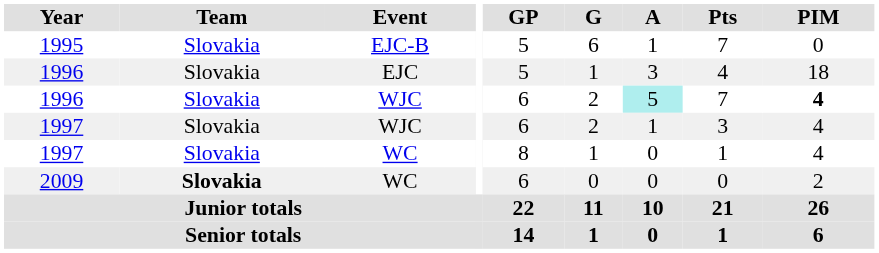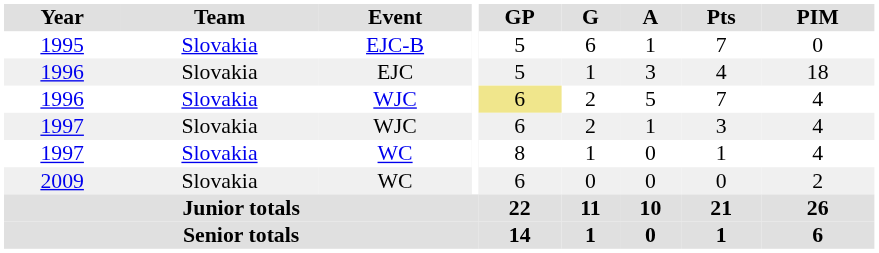 <table border="0" cellpadding="1" cellspacing="0" ID="Table3" style="text-align:center; width:40em">
 <tr bgcolor="#e0e0e0">
 <th>Year</th>
 <th>Team</th>
 <th>Event</th>
 <th rowspan="102" bgcolor="#ffffff"></th>
 <th>GP</th>
 <th>G</th>
 <th>A</th>
 <th>Pts</th>
 <th>PIM</th>
 </tr>
 <tr>
 <td><a href='#'>1995</a></td>
 <td><a href='#'>Slovakia</a></td>
 <td><a href='#'>EJC-B</a></td>
 <td>5</td>
 <td>6</td>
 <td>1</td>
 <td>7</td>
 <td>0</td>
 </tr>
 <tr bgcolor="#f0f0f0">
 <td><a href='#'>1996</a></td>
 <td>Slovakia</td>
 <td>EJC</td>
 <td>5</td>
 <td>1</td>
 <td>3</td>
 <td>4</td>
 <td>18</td>
 </tr>
 <tr>
 <td><a href='#'>1996</a></td>
 <td><a href='#'>Slovakia</a></td>
 <td><a href='#'>WJC</a></td>
-<td>6</td>
+<td style="background: khaki;">6</td>
 <td>2</td>
-<td style="background: paleturquoise;">5</td>
+<td>5</td>
 <td>7</td>
-<td><strong>4</strong></td>
+<td>4</td>
 </tr>
 <tr bgcolor="#f0f0f0">
 <td><a href='#'>1997</a></td>
 <td>Slovakia</td>
 <td>WJC</td>
 <td>6</td>
 <td>2</td>
 <td>1</td>
 <td>3</td>
 <td>4</td>
 </tr>
 <tr>
 <td><a href='#'>1997</a></td>
 <td><a href='#'>Slovakia</a></td>
 <td><a href='#'>WC</a></td>
 <td>8</td>
 <td>1</td>
 <td>0</td>
 <td>1</td>
 <td>4</td>
 </tr>
 <tr bgcolor="#f0f0f0">
 <td><a href='#'>2009</a></td>
-<td><strong>Slovakia</strong></td>
+<td>Slovakia</td>
 <td>WC</td>
 <td>6</td>
 <td>0</td>
 <td>0</td>
 <td>0</td>
 <td>2</td>
 </tr>
 <tr bgcolor="#e0e0e0">
 <th colspan="4">Junior totals</th>
 <th>22</th>
 <th>11</th>
 <th>10</th>
 <th>21</th>
 <th>26</th>
 </tr>
 <tr bgcolor="#e0e0e0">
 <th colspan="4">Senior totals</th>
 <th>14</th>
 <th>1</th>
 <th>0</th>
 <th>1</th>
 <th>6</th>
 </tr>
 </table>
